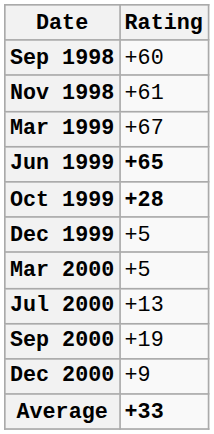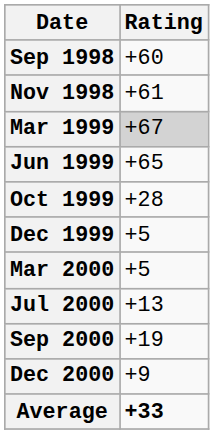 <table class="wikitable sortable plainrowheaders">
 <tr>
 <th scope="col" class="unsortable">Date</th>
 <th scope="col">Rating</th>
 </tr>
 <tr>
 <th scope="row">Sep 1998</th>
 <td>+60</td>
 </tr>
 <tr>
 <th scope="row">Nov 1998</th>
 <td>+61</td>
 </tr>
 <tr>
 <th scope="row">Mar 1999</th>
-<td>+67</td>
+<td style="background: lightgrey;">+67</td>
 </tr>
 <tr>
 <th scope="row">Jun 1999</th>
-<td><strong>+65</strong></td>
+<td>+65</td>
 </tr>
 <tr>
 <th scope="row">Oct 1999</th>
-<td><strong>+28</strong></td>
+<td>+28</td>
 </tr>
 <tr>
 <th scope="row">Dec 1999</th>
 <td>+5</td>
 </tr>
 <tr>
 <th scope="row">Mar 2000</th>
 <td>+5</td>
 </tr>
 <tr>
 <th scope="row">Jul 2000</th>
 <td>+13</td>
 </tr>
 <tr>
 <th scope="row">Sep 2000</th>
 <td>+19</td>
 </tr>
 <tr>
 <th scope="row">Dec 2000</th>
 <td>+9</td>
 </tr>
 <tr class="sortbottom">
 <th scope="row"><strong>Average</strong></th>
 <td><strong>+33</strong></td>
 </tr>
 </table>
